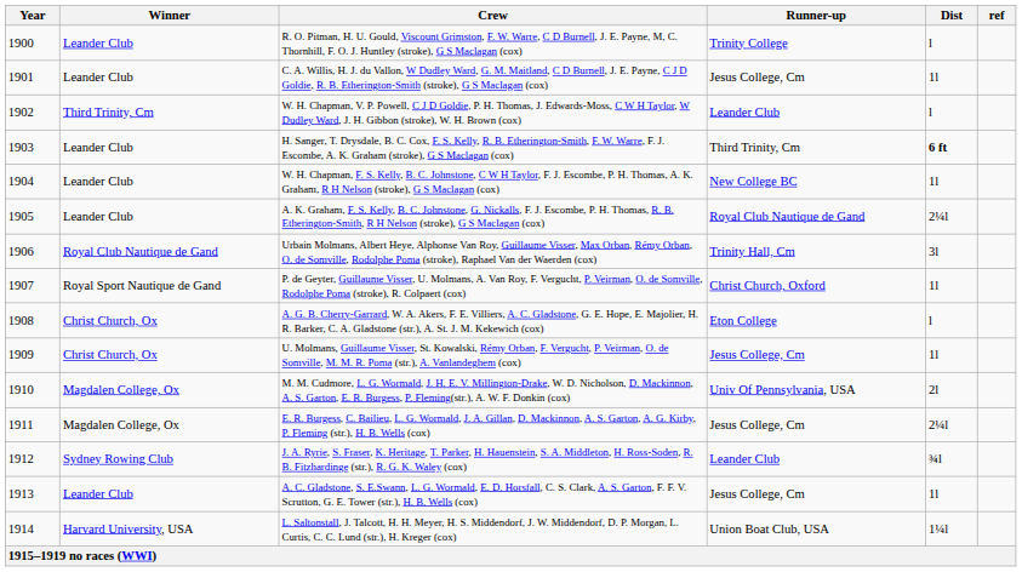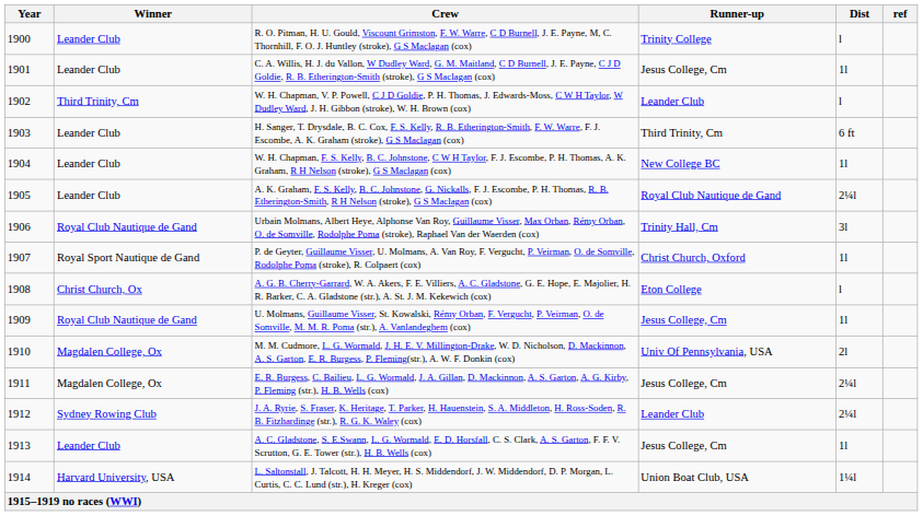 <table class="wikitable" width="100%">
 <tr>
 <th width=30>Year</th>
 <th width=150>Winner</th>
 <th width=300>Crew</th>
 <th width=150>Runner-up</th>
 <th width=30>Dist</th>
 <th width=20>ref</th>
 </tr>
 <tr>
 <td>1900</td>
 <td><a href='#'>Leander Club</a></td>
 <td><small>  R. O. Pitman, H. U. Gould, <a href='#'>Viscount Grimston</a>,  <a href='#'>F. W. Warre</a>, <a href='#'>C D Burnell</a>,  J. E. Payne, M, C. Thornhill, F. O. J. Huntley (stroke), <a href='#'>G S Maclagan</a> (cox)</small></td>
 <td><a href='#'>Trinity College</a></td>
 <td>l</td>
 <td></td>
 </tr>
 <tr>
 <td>1901</td>
 <td>Leander Club</td>
 <td><small>  C. A. Willis, H. J. du Vallon, <a href='#'>W Dudley Ward</a>, <a href='#'>G. M. Maitland</a>, <a href='#'>C D Burnell</a>,   J. E. Payne, <a href='#'>C J D Goldie</a>, <a href='#'>R. B. Etherington-Smith</a> (stroke), <a href='#'>G S Maclagan</a> (cox)</small></td>
 <td>Jesus College, Cm</td>
 <td>1l</td>
 <td></td>
 </tr>
 <tr>
 <td>1902</td>
 <td><a href='#'>Third Trinity, Cm</a></td>
 <td><small> W. H. Chapman, V. P. Powell, <a href='#'>C J D Goldie</a>,  P. H. Thomas, J. Edwards-Moss, <a href='#'>C W H Taylor</a>, <a href='#'>W Dudley Ward</a>, J. H. Gibbon (stroke), W. H. Brown (cox)</small></td>
 <td><a href='#'>Leander Club</a></td>
 <td>l</td>
 <td></td>
 </tr>
 <tr>
 <td>1903</td>
 <td>Leander Club</td>
 <td><small>  H. Sanger, T. Drysdale, B. C. Cox, <a href='#'>F. S. Kelly</a>, <a href='#'>R. B. Etherington-Smith</a>, <a href='#'>F. W. Warre</a>, F. J. Escombe, A. K. Graham (stroke), <a href='#'>G S Maclagan</a> (cox)</small></td>
 <td>Third Trinity, Cm</td>
-<td><strong>6 ft</strong></td>
+<td>6 ft</td>
 <td></td>
 </tr>
 <tr>
 <td>1904</td>
 <td>Leander Club</td>
 <td><small>  W. H. Chapman, <a href='#'>F. S. Kelly</a>, <a href='#'>B. C. Johnstone</a>, <a href='#'>C W H Taylor</a>, F. J. Escombe, P. H. Thomas, A. K. Graham, <a href='#'>R H Nelson</a> (stroke), <a href='#'>G S Maclagan</a> (cox)</small></td>
 <td><a href='#'>New College BC</a></td>
 <td>1l</td>
 <td></td>
 </tr>
 <tr>
 <td>1905</td>
 <td>Leander Club</td>
 <td><small> A. K. Graham, <a href='#'>F. S. Kelly</a>, <a href='#'>B. C. Johnstone</a>, <a href='#'>G. Nickalls</a>, F. J. Escombe, P. H. Thomas, <a href='#'>R. B. Etherington-Smith</a>, <a href='#'>R H Nelson</a> (stroke), <a href='#'>G S Maclagan</a> (cox)</small></td>
 <td><a href='#'>Royal Club Nautique de Gand</a></td>
 <td>2¼l</td>
 <td></td>
 </tr>
 <tr>
 <td>1906</td>
 <td><a href='#'>Royal Club Nautique de Gand</a></td>
 <td><small> Urbain Molmans, Albert Heye, Alphonse Van Roy, <a href='#'>Guillaume Visser</a>, <a href='#'>Max Orban</a>, <a href='#'>Rémy Orban</a>, <a href='#'>O. de Somville</a>, <a href='#'>Rodolphe Poma</a> (stroke), Raphael Van der Waerden (cox)</small></td>
 <td><a href='#'>Trinity Hall, Cm</a></td>
 <td>3l</td>
 <td></td>
 </tr>
 <tr>
 <td>1907</td>
 <td>Royal Sport Nautique de Gand</td>
 <td><small> P. de Geyter, <a href='#'>Guillaume Visser</a>, U. Molmans, A. Van Roy, F. Vergucht, <a href='#'>P. Veirman</a>, <a href='#'>O. de Somville</a>, <a href='#'>Rodolphe Poma</a> (stroke), R. Colpaert (cox)</small></td>
 <td><a href='#'>Christ Church, Oxford</a></td>
 <td>1l</td>
 <td></td>
 </tr>
 <tr>
 <td>1908</td>
 <td><a href='#'>Christ Church, Ox</a></td>
 <td><small> <a href='#'>A. G. B. Cherry-Garrard</a>, W. A. Akers, F. E. Villiers, <a href='#'>A. C. Gladstone</a>, G. E. Hope, E. Majolier, H. R. Barker, C. A. Gladstone (str.), A. St. J. M. Kekewich (cox)</small></td>
 <td><a href='#'>Eton College</a></td>
 <td>l</td>
 <td></td>
 </tr>
 <tr>
 <td>1909</td>
-<td><a href='#'>Christ Church, Ox</a></td>
+<td><a href='#'>Royal Club Nautique de Gand</a></td>
 <td><small>U. Molmans, <a href='#'>Guillaume Visser</a>,  St. Kowalski,   <a href='#'>Rémy Orban</a>,   <a href='#'>F. Vergucht</a>,   <a href='#'>P. Veirman</a>, <a href='#'>O. de Somville</a>,  <a href='#'>M. M. R. Poma</a> (str.), <a href='#'>A. Vanlandeghem</a> (cox)</small></td>
 <td><a href='#'>Jesus College, Cm</a></td>
 <td>1l</td>
 <td></td>
 </tr>
 <tr>
 <td>1910</td>
 <td><a href='#'>Magdalen College, Ox</a></td>
 <td><small> M. M. Cudmore,  <a href='#'>L. G. Wormald</a>, <a href='#'>J. H. E. V. Millington-Drake</a>,  W. D. Nicholson,  <a href='#'>D. Mackinnon</a>, <a href='#'>A. S. Garton</a>, <a href='#'>E. R. Burgess</a>, <a href='#'>P. Fleming</a>(str.), A. W. F. Donkin (cox)</small></td>
 <td><a href='#'>Univ Of Pennsylvania</a>, USA</td>
 <td>2l</td>
 <td></td>
 </tr>
 <tr>
 <td>1911</td>
 <td>Magdalen College, Ox</td>
 <td><small> <a href='#'>E. R. Burgess</a>, <a href='#'>C. Bailieu</a>, <a href='#'>L. G. Wormald</a>, <a href='#'>J. A. Gillan</a>, <a href='#'>D. Mackinnon</a>,  <a href='#'>A. S. Garton</a>, <a href='#'>A. G. Kirby</a>, <a href='#'>P. Fleming</a> (str.), <a href='#'>H. B. Wells</a> (cox)</small></td>
 <td>Jesus College, Cm</td>
 <td>2¼l</td>
 <td></td>
 </tr>
 <tr>
 <td>1912</td>
 <td><a href='#'>Sydney Rowing Club</a></td>
 <td><small> <a href='#'>J. A. Ryrie</a>,  <a href='#'>S. Fraser</a>,   <a href='#'>K. Heritage</a>, <a href='#'>T. Parker</a>, <a href='#'>H. Hauenstein</a>,  <a href='#'>S. A. Middleton</a>, <a href='#'>H. Ross-Soden</a>, <a href='#'>R. B. Fitzhardinge</a> (str.), <a href='#'>R. G. K. Waley</a> (cox)</small></td>
 <td><a href='#'>Leander Club</a></td>
-<td>¾l</td>
+<td>2¼l</td>
 <td></td>
 </tr>
 <tr>
 <td>1913</td>
 <td><a href='#'>Leander Club</a></td>
 <td><small> <a href='#'>A. C. Gladstone</a>, <a href='#'>S. E.Swann</a>, <a href='#'>L. G. Wormald</a>, <a href='#'>E. D. Horsfall</a>, C. S. Clark, <a href='#'>A. S. Garton</a>, F. F. V. Scrutton, G. E. Tower (str.),  <a href='#'>H. B. Wells</a> (cox)</small></td>
 <td>Jesus College, Cm</td>
 <td>1l</td>
 <td></td>
 </tr>
 <tr>
 <td>1914</td>
 <td><a href='#'>Harvard University</a>, USA</td>
 <td><small> <a href='#'>L. Saltonstall</a>, J. Talcott, H. H. Meyer, H. S. Middendorf, J. W. Middendorf, D. P. Morgan, L. Curtis, C. C. Lund (str.), H. Kreger (cox)</small></td>
 <td>Union Boat Club, USA</td>
 <td>1¼l</td>
 <td></td>
 </tr>
 <tr>
 <th style="text-align:left" bgcolor="#efefef" colspan=6>1915–1919 no races (<a href='#'>WWI</a>)</th>
 </tr>
 </table>
